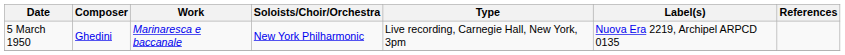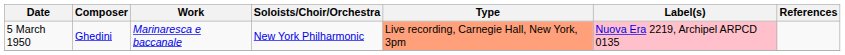 <table class="wikitable">
 <tr>
 <th>Date</th>
 <th>Composer</th>
 <th>Work</th>
 <th>Soloists/Choir/Orchestra</th>
 <th>Type</th>
 <th>Label(s)</th>
 <th>References</th>
 </tr>
 <tr>
 <td>5 March 1950</td>
 <td><a href='#'>Ghedini</a></td>
 <td><em><a href='#'>Marinaresca e baccanale</a></em></td>
 <td><a href='#'>New York Philharmonic</a></td>
-<td>Live recording, Carnegie Hall, New York, 3pm</td>
-<td><a href='#'>Nuova Era</a> 2219, Archipel ARPCD 0135</td>
+<td style="background: lightsalmon;">Live recording, Carnegie Hall, New York, 3pm</td>
+<td style="background: pink;"><a href='#'>Nuova Era</a> 2219, Archipel ARPCD 0135</td>
 <td></td>
 </tr>
 <tr>
 </tr>
 </table>
